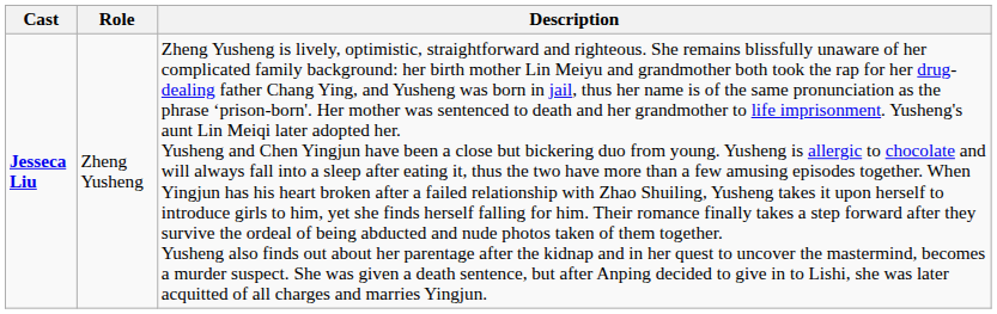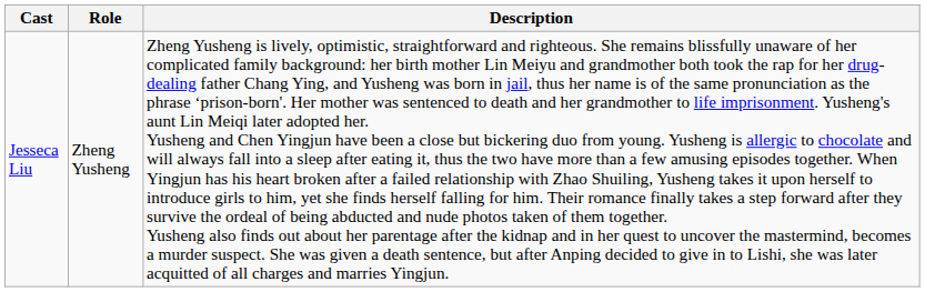 <table class="wikitable">
 <tr>
 <th>Cast</th>
 <th>Role</th>
 <th>Description</th>
 </tr>
 <tr>
-<td><strong><a href='#'>Jesseca Liu</a></strong></td>
+<td><a href='#'>Jesseca Liu</a></td>
 <td>Zheng Yusheng</td>
 <td>Zheng Yusheng is lively, optimistic, straightforward and righteous. She remains blissfully unaware of her complicated family background: her birth mother Lin Meiyu and grandmother both took the rap for her <a href='#'>drug</a>-<a href='#'>dealing</a> father Chang Ying, and Yusheng was born in <a href='#'>jail</a>, thus her name is of the same pronunciation as the phrase ‘prison-born'. Her mother was sentenced to death and her grandmother to <a href='#'>life imprisonment</a>. Yusheng's aunt Lin Meiqi later adopted her.<br>Yusheng and Chen Yingjun have been a close but bickering duo from young. Yusheng is <a href='#'>allergic</a> to <a href='#'>chocolate</a> and will always fall into a sleep after eating it, thus the two have more than a few amusing episodes together. When Yingjun has his heart broken after a failed relationship with Zhao Shuiling, Yusheng takes it upon herself to introduce girls to him, yet she finds herself falling for him. Their romance finally takes a step forward after they survive the ordeal of being abducted and nude photos taken of them together.<br>Yusheng also finds out about her parentage after the kidnap and in her quest to uncover the mastermind, becomes a murder suspect. She was given a death sentence, but after Anping decided to give in to Lishi, she was later acquitted of all charges and marries Yingjun.</td>
 </tr>
 </table>
